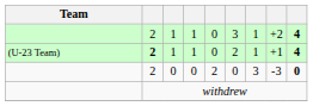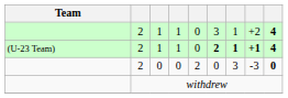 <table class="wikitable" style="text-align:center">
 <tr>
 <th width="175">Team</th>
 <th width="20"></th>
 <th width="20"></th>
 <th width="20"></th>
 <th width="20"></th>
 <th width="20"></th>
 <th width="20"></th>
 <th width="20"></th>
 <th width="20"></th>
 </tr>
 <tr bgcolor=ccffcc>
 <td align=left></td>
 <td>2</td>
 <td>1</td>
 <td>1</td>
 <td>0</td>
 <td>3</td>
 <td>1</td>
 <td>+2</td>
 <td><strong>4</strong></td>
 </tr>
 <tr bgcolor=ccffcc>
 <td align=left> <small> (U-23 Team) </small></td>
-<td><strong>2</strong></td>
+<td>2</td>
 <td>1</td>
 <td>1</td>
 <td>0</td>
-<td>2</td>
-<td>1</td>
-<td>+1</td>
+<td><strong>2</strong></td>
+<td><strong>1</strong></td>
+<td><strong>+1</strong></td>
 <td><strong>4</strong></td>
 </tr>
 <tr>
 <td align=left></td>
 <td>2</td>
 <td>0</td>
 <td>0</td>
 <td>2</td>
 <td>0</td>
 <td>3</td>
 <td>-3</td>
 <td><strong>0</strong></td>
 </tr>
 <tr>
 <td align=left></td>
 <td colspan="8"><em>withdrew</em></td>
 </tr>
 <tr>
 </tr>
 </table>
